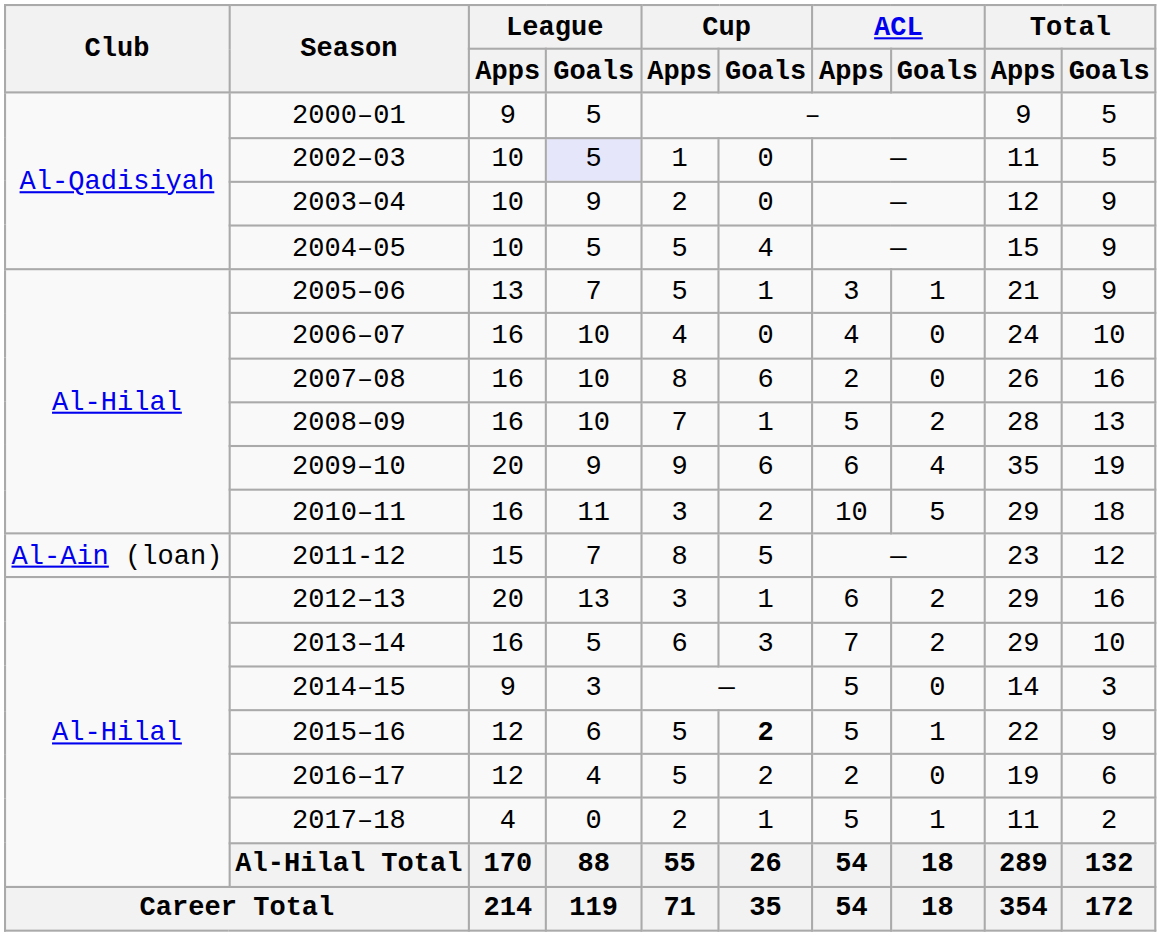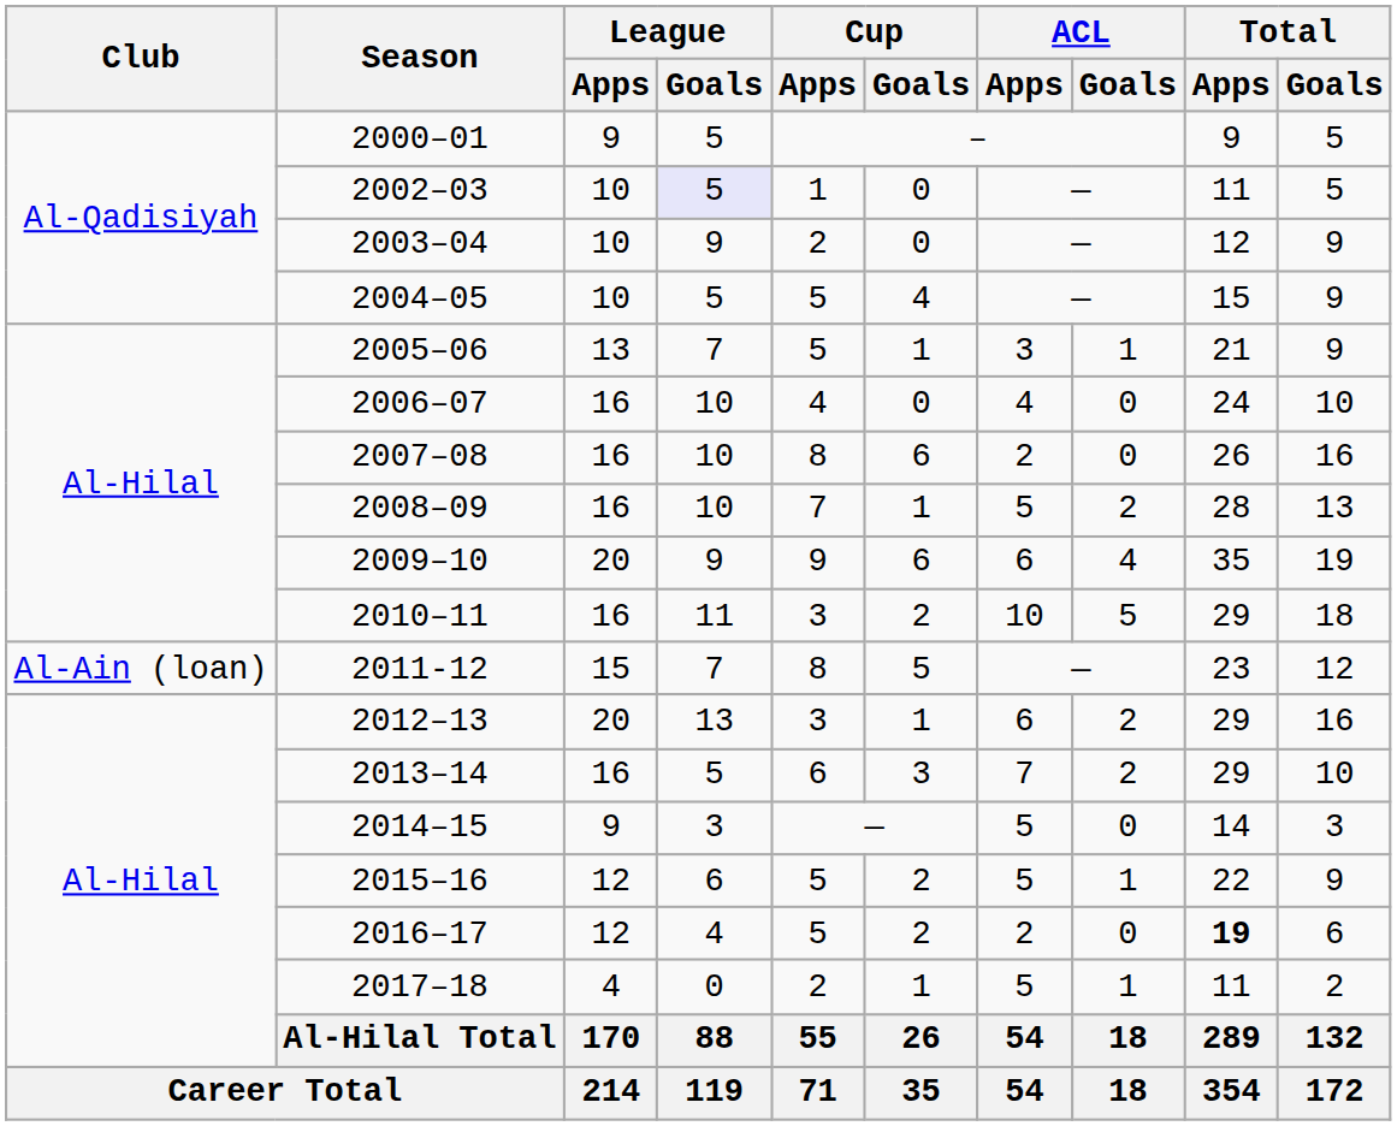 <table class="wikitable" style="text-align: center;">
 <tr>
 <th rowspan="2">Club</th>
 <th rowspan="2">Season</th>
 <th colspan="2">League</th>
 <th colspan="2">Cup</th>
 <th colspan="2"><a href='#'>ACL</a></th>
 <th colspan="2">Total</th>
 </tr>
 <tr>
 <th>Apps</th>
 <th>Goals</th>
 <th>Apps</th>
 <th>Goals</th>
 <th>Apps</th>
 <th>Goals</th>
 <th>Apps</th>
 <th>Goals</th>
 </tr>
 <tr>
 <td rowspan="4"><a href='#'>Al-Qadisiyah</a></td>
 <td>2000–01</td>
 <td>9</td>
 <td>5</td>
 <td colspan="4">–</td>
 <td>9</td>
 <td>5</td>
 </tr>
 <tr>
 <td>2002–03</td>
 <td>10</td>
 <td style="background: lavender;">5</td>
 <td>1</td>
 <td>0</td>
 <td colspan="2">—</td>
 <td>11</td>
 <td>5</td>
 </tr>
 <tr>
 <td>2003–04</td>
 <td>10</td>
 <td>9</td>
 <td>2</td>
 <td>0</td>
 <td colspan="2">—</td>
 <td>12</td>
 <td>9</td>
 </tr>
 <tr>
 <td>2004–05</td>
 <td>10</td>
 <td>5</td>
 <td>5</td>
 <td>4</td>
 <td colspan="2">—</td>
 <td>15</td>
 <td>9</td>
 </tr>
 <tr>
 <td rowspan="6"><a href='#'>Al-Hilal</a></td>
 <td>2005–06</td>
 <td>13</td>
 <td>7</td>
 <td>5</td>
 <td>1</td>
 <td>3</td>
 <td>1</td>
 <td>21</td>
 <td>9</td>
 </tr>
 <tr>
 <td>2006–07</td>
 <td>16</td>
 <td>10</td>
 <td>4</td>
 <td>0</td>
 <td>4</td>
 <td>0</td>
 <td>24</td>
 <td>10</td>
 </tr>
 <tr>
 <td>2007–08</td>
 <td>16</td>
 <td>10</td>
 <td>8</td>
 <td>6</td>
 <td>2</td>
 <td>0</td>
 <td>26</td>
 <td>16</td>
 </tr>
 <tr>
 <td>2008–09</td>
 <td>16</td>
 <td>10</td>
 <td>7</td>
 <td>1</td>
 <td>5</td>
 <td>2</td>
 <td>28</td>
 <td>13</td>
 </tr>
 <tr>
 <td>2009–10</td>
 <td>20</td>
 <td>9</td>
 <td>9</td>
 <td>6</td>
 <td>6</td>
 <td>4</td>
 <td>35</td>
 <td>19</td>
 </tr>
 <tr>
 <td>2010–11</td>
 <td>16</td>
 <td>11</td>
 <td>3</td>
 <td>2</td>
 <td>10</td>
 <td>5</td>
 <td>29</td>
 <td>18</td>
 </tr>
 <tr>
 <td rowspan="1"><a href='#'>Al-Ain</a> (loan)</td>
 <td>2011-12</td>
 <td>15</td>
 <td>7</td>
 <td>8</td>
 <td>5</td>
 <td colspan="2">—</td>
 <td>23</td>
 <td>12</td>
 </tr>
 <tr>
 <td rowspan="7"><a href='#'>Al-Hilal</a></td>
 <td>2012–13</td>
 <td>20</td>
 <td>13</td>
 <td>3</td>
 <td>1</td>
 <td>6</td>
 <td>2</td>
 <td>29</td>
 <td>16</td>
 </tr>
 <tr>
 <td>2013–14</td>
 <td>16</td>
 <td>5</td>
 <td>6</td>
 <td>3</td>
 <td>7</td>
 <td>2</td>
 <td>29</td>
 <td>10</td>
 </tr>
 <tr>
 <td>2014–15</td>
 <td>9</td>
 <td>3</td>
 <td colspan="2">—</td>
 <td>5</td>
 <td>0</td>
 <td>14</td>
 <td>3</td>
 </tr>
 <tr>
 <td>2015–16</td>
 <td>12</td>
 <td>6</td>
 <td>5</td>
-<td><strong>2</strong></td>
+<td>2</td>
 <td>5</td>
 <td>1</td>
 <td>22</td>
 <td>9</td>
 </tr>
 <tr>
 <td 2016–17 Al-Hilal FC season>2016–17</td>
 <td>12</td>
 <td>4</td>
 <td>5</td>
 <td>2</td>
 <td>2</td>
 <td>0</td>
-<td>19</td>
+<td><strong>19</strong></td>
 <td>6</td>
 </tr>
 <tr>
 <td 2017–18 Al-Hilal FC season>2017–18</td>
 <td>4</td>
 <td>0</td>
 <td>2</td>
 <td>1</td>
 <td>5</td>
 <td>1</td>
 <td>11</td>
 <td>2</td>
 </tr>
 <tr>
 <th>Al-Hilal Total</th>
 <th>170</th>
 <th>88</th>
 <th>55</th>
 <th>26</th>
 <th>54</th>
 <th>18</th>
 <th>289</th>
 <th>132</th>
 </tr>
 <tr>
 <th colspan="2">Career Total</th>
 <th>214</th>
 <th>119</th>
 <th>71</th>
 <th>35</th>
 <th>54</th>
 <th>18</th>
 <th>354</th>
 <th>172</th>
 </tr>
 </table>
